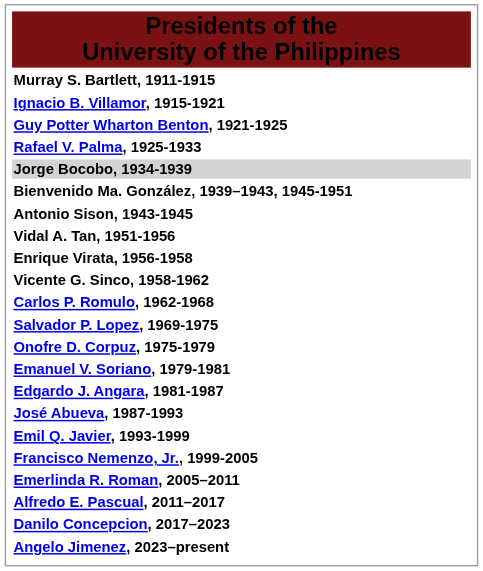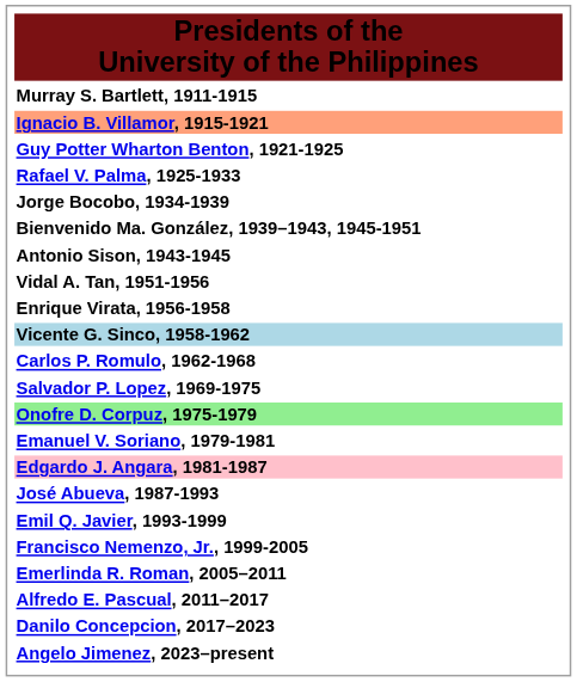 <table style="float:center; margin:1em; width:20em; border:1px solid #a0a0a0; padding:2px; bg-color=yellow; text-align:center;">
 <tr style="background:#7B1113; text-align:center">
 <td><span><strong>Presidents of the <br>University of the Philippines</strong></span></td>
 </tr>
 <tr style="text-align:left; font-size:x-small;">
 <td><strong>Murray S. Bartlett, 1911-1915</strong></td>
 </tr>
 <tr style="text-align:left; font-size:x-small;">
-<td><strong><a href='#'>Ignacio B. Villamor</a>, 1915-1921</strong></td>
+<td style="background: lightsalmon;"><strong><a href='#'>Ignacio B. Villamor</a>, 1915-1921</strong></td>
 </tr>
 <tr style="text-align:left; font-size:x-small;">
 <td><strong><a href='#'>Guy Potter Wharton Benton</a>, 1921-1925</strong></td>
 </tr>
 <tr style="text-align:left; font-size:x-small;">
 <td><strong><a href='#'>Rafael V. Palma</a>, 1925-1933</strong></td>
 </tr>
 <tr style="text-align:left; font-size:x-small;">
-<td style="background: lightgrey;"><strong>Jorge Bocobo, 1934-1939</strong></td>
+<td><strong>Jorge Bocobo, 1934-1939</strong></td>
 </tr>
 <tr style="text-align:left; font-size:x-small;">
 <td><strong>Bienvenido Ma. González, 1939–1943, 1945-1951</strong></td>
 </tr>
 <tr style="text-align:left; font-size:x-small;">
 <td><strong>Antonio Sison, 1943-1945</strong></td>
 </tr>
 <tr style="text-align:left; font-size:x-small;">
 <td><strong>Vidal A. Tan, 1951-1956</strong></td>
 </tr>
 <tr style="text-align:left; font-size:x-small;">
 <td><strong>Enrique Virata, 1956-1958</strong></td>
 </tr>
 <tr style="text-align:left; font-size:x-small;">
-<td><strong>Vicente G. Sinco, 1958-1962</strong></td>
+<td style="background: lightblue;"><strong>Vicente G. Sinco, 1958-1962</strong></td>
 </tr>
 <tr style="text-align:left; font-size:x-small;">
 <td><strong><a href='#'>Carlos P. Romulo</a>, 1962-1968</strong></td>
 </tr>
 <tr style="text-align:left; font-size:x-small;">
 <td><strong><a href='#'>Salvador P. Lopez</a>, 1969-1975</strong></td>
 </tr>
 <tr style="text-align:left; font-size:x-small;">
-<td><strong><a href='#'>Onofre D. Corpuz</a>, 1975-1979</strong></td>
+<td style="background: lightgreen;"><strong><a href='#'>Onofre D. Corpuz</a>, 1975-1979</strong></td>
 </tr>
 <tr style="text-align:left; font-size:x-small;">
 <td><strong><a href='#'>Emanuel V. Soriano</a>, 1979-1981</strong></td>
 </tr>
 <tr style="text-align:left; font-size:x-small;">
-<td><strong><a href='#'>Edgardo J. Angara</a>, 1981-1987</strong></td>
+<td style="background: pink;"><strong><a href='#'>Edgardo J. Angara</a>, 1981-1987</strong></td>
 </tr>
 <tr style="text-align:left; font-size:x-small;">
 <td><strong><a href='#'>José Abueva</a>, 1987-1993</strong></td>
 </tr>
 <tr style="text-align:left; font-size:x-small;">
 <td><strong><a href='#'>Emil Q. Javier</a>, 1993-1999</strong></td>
 </tr>
 <tr style="text-align:left; font-size:x-small;">
 <td><strong><a href='#'>Francisco Nemenzo, Jr.</a>, 1999-2005</strong></td>
 </tr>
 <tr style="text-align:left; font-size:x-small;">
 <td><strong><a href='#'>Emerlinda R. Roman</a>, 2005–2011</strong></td>
 </tr>
 <tr style="text-align:left; font-size:x-small;">
 <td><strong><a href='#'>Alfredo E. Pascual</a>, 2011–2017</strong></td>
 </tr>
 <tr style="text-align:left; font-size:x-small;">
 <td><strong><a href='#'>Danilo Concepcion</a>, 2017–2023</strong></td>
 </tr>
 <tr style="text-align:left; font-size:x-small;">
 <td><strong><a href='#'>Angelo Jimenez</a>, 2023–present</strong></td>
 </tr>
 <tr style="text-align:left; font-size:x-small;">
 </tr>
 </table>
